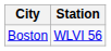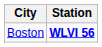 <table class="wikitable">
 <tr>
 <th>City</th>
 <th>Station</th>
 </tr>
 <tr>
 <td><a href='#'>Boston</a></td>
-<td><a href='#'>WLVI 56</a></td>
+<td><strong><a href='#'>WLVI 56</a></strong></td>
 </tr>
 </table>
